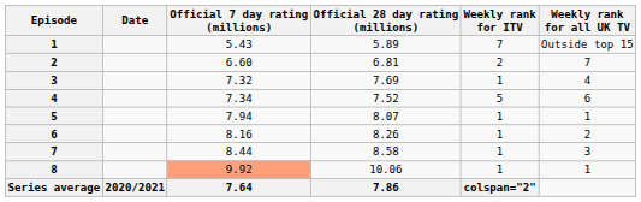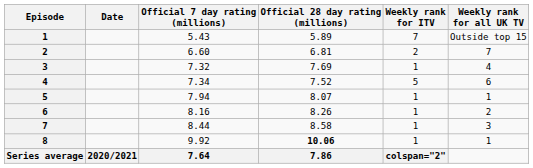 <table class="wikitable sortable" style="text-align:center">
 <tr>
 <th scope="col">Episode</th>
 <th scope="col">Date</th>
 <th scope="col">Official 7 day rating<br>(millions)</th>
 <th scope="col">Official 28 day rating<br>(millions)</th>
 <th scope="col">Weekly rank<br>for ITV</th>
 <th scope="col">Weekly rank<br>for all UK TV</th>
 </tr>
 <tr>
 <th scope="row">1</th>
 <td></td>
 <td>5.43</td>
 <td>5.89</td>
 <td>7</td>
 <td>Outside top 15</td>
 </tr>
 <tr>
 <th scope="row">2</th>
 <td></td>
 <td>6.60</td>
 <td>6.81</td>
 <td>2</td>
 <td>7</td>
 </tr>
 <tr>
 <th scope="row">3</th>
 <td></td>
 <td>7.32</td>
 <td>7.69</td>
 <td>1</td>
 <td>4</td>
 </tr>
 <tr>
 <th scope="row">4</th>
 <td></td>
 <td>7.34</td>
 <td>7.52</td>
 <td>5</td>
 <td>6</td>
 </tr>
 <tr>
 <th scope="row">5</th>
 <td></td>
 <td>7.94</td>
 <td>8.07</td>
 <td>1</td>
 <td>1</td>
 </tr>
 <tr>
 <th scope="row">6</th>
 <td></td>
 <td>8.16</td>
 <td>8.26</td>
 <td>1</td>
 <td>2</td>
 </tr>
 <tr>
 <th scope="row">7</th>
 <td></td>
 <td>8.44</td>
 <td>8.58</td>
 <td>1</td>
 <td>3</td>
 </tr>
 <tr>
 <th scope="row">8</th>
 <td></td>
-<td style="background: lightsalmon;">9.92</td>
-<td>10.06</td>
+<td>9.92</td>
+<td><strong>10.06</strong></td>
 <td>1</td>
 <td>1</td>
 </tr>
 <tr>
 <th scope="row">Series average</th>
 <th>2020/2021</th>
 <th>7.64</th>
 <th>7.86</th>
 <th>colspan="2" </th>
 </tr>
 </table>
